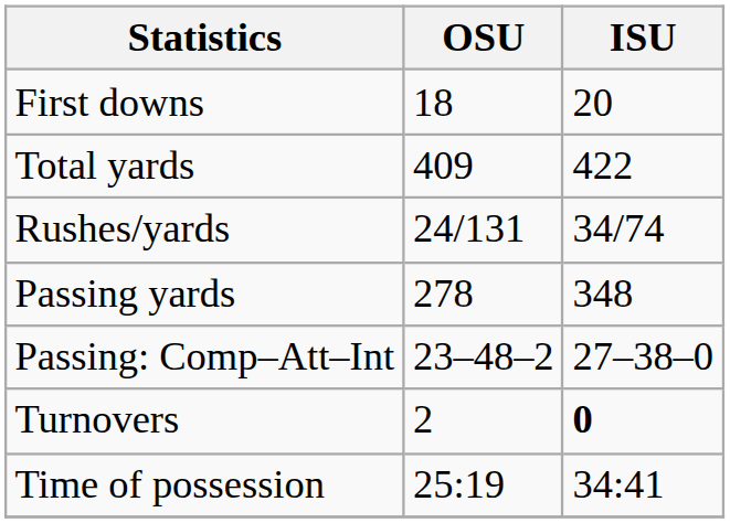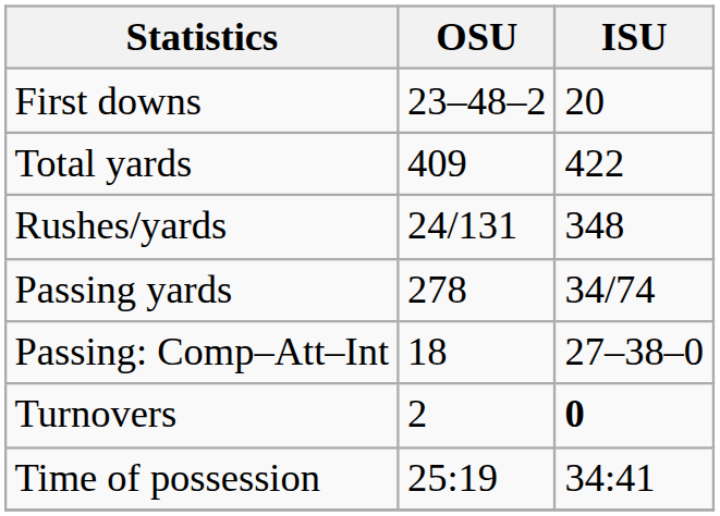 <table class="wikitable" style="float: left;">
 <tr>
 <th>Statistics</th>
 <th>OSU</th>
 <th>ISU</th>
 </tr>
 <tr>
 <td>First downs</td>
-<td>18</td>
+<td>23–48–2</td>
 <td>20</td>
 </tr>
 <tr>
 <td>Total yards</td>
 <td>409</td>
 <td>422</td>
 </tr>
 <tr>
 <td>Rushes/yards</td>
 <td>24/131</td>
-<td>34/74</td>
+<td>348</td>
 </tr>
 <tr>
 <td>Passing yards</td>
 <td>278</td>
-<td>348</td>
+<td>34/74</td>
 </tr>
 <tr>
 <td>Passing: Comp–Att–Int</td>
-<td>23–48–2</td>
+<td>18</td>
 <td>27–38–0</td>
 </tr>
 <tr>
 <td>Turnovers</td>
 <td>2</td>
 <td><strong>0</strong></td>
 </tr>
 <tr>
 <td>Time of possession</td>
 <td>25:19</td>
 <td>34:41</td>
 </tr>
 <tr>
 </tr>
 </table>
